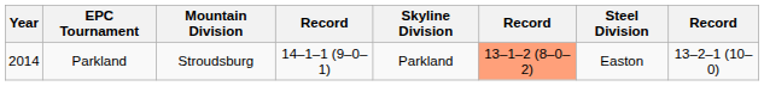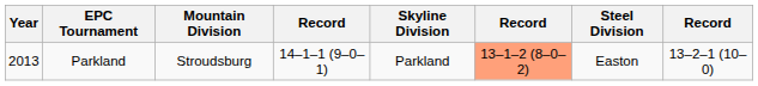 <table class="wikitable" style="text-align:center">
 <tr>
 <th>Year</th>
 <th>EPC Tournament</th>
 <th>Mountain Division</th>
 <th>Record</th>
 <th>Skyline Division</th>
 <th>Record</th>
 <th>Steel Division</th>
 <th>Record</th>
 </tr>
 <tr>
-<td>2014</td>
+<td>2013</td>
 <td>Parkland</td>
 <td>Stroudsburg</td>
 <td>14–1–1 (9–0–1)</td>
 <td>Parkland</td>
 <td style="background: lightsalmon;">13–1–2 (8–0–2)</td>
 <td>Easton</td>
 <td>13–2–1 (10–0)</td>
 </tr>
 </table>
